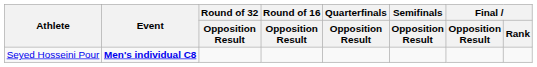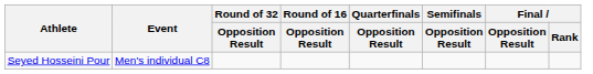 <table class="wikitable" style="font-size:90%">
 <tr>
 <th rowspan="2">Athlete</th>
 <th rowspan="2">Event</th>
 <th>Round of 32</th>
 <th>Round of 16</th>
 <th>Quarterfinals</th>
 <th>Semifinals</th>
 <th colspan="2">Final / </th>
 </tr>
 <tr>
 <th>Opposition<br>Result</th>
 <th>Opposition<br>Result</th>
 <th>Opposition<br>Result</th>
 <th>Opposition<br>Result</th>
 <th>Opposition<br>Result</th>
 <th>Rank</th>
 </tr>
 <tr align="center">
 <td align="left"><a href='#'>Seyed Hosseini Pour</a></td>
-<td align="left"><strong><a href='#'>Men's individual C8</a></strong></td>
+<td align="left"><a href='#'>Men's individual C8</a></td>
 <td></td>
 <td></td>
 <td></td>
 <td></td>
 <td></td>
 <td></td>
 </tr>
 </table>
